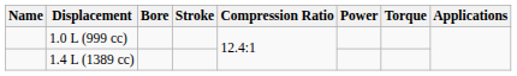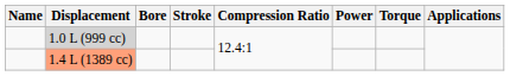 <table class=wikitable>
 <tr>
 <th>Name</th>
 <th>Displacement</th>
 <th>Bore</th>
 <th>Stroke</th>
 <th>Compression Ratio</th>
 <th>Power</th>
 <th>Torque</th>
 <th>Applications</th>
 </tr>
 <tr>
 <td></td>
-<td>1.0 L (999 cc)</td>
+<td style="background: lightgrey;">1.0 L (999 cc)</td>
 <td></td>
 <td></td>
 <td rowspan=2>12.4:1</td>
 <td></td>
 <td></td>
 <td rowspan=2></td>
 </tr>
 <tr>
 <td></td>
-<td>1.4 L (1389 cc)</td>
+<td style="background: lightsalmon;">1.4 L (1389 cc)</td>
 <td></td>
 <td></td>
 <td></td>
 <td></td>
 </tr>
 </table>
